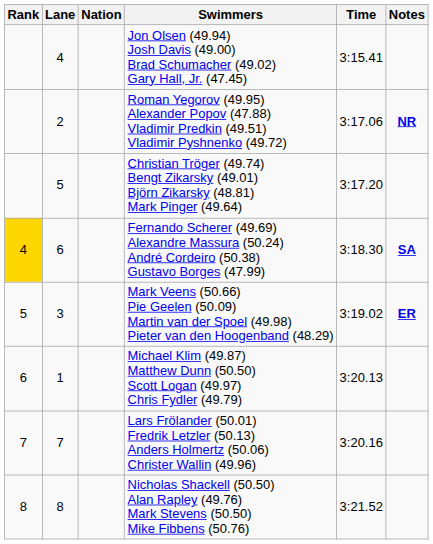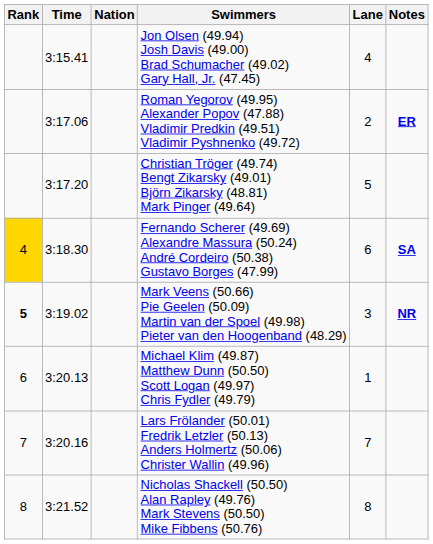 <table class="wikitable sortable" style="text-align:center">
 <tr>
 <th>Rank</th>
-<th>Lane</th>
+<th>Time</th>
 <th>Nation</th>
 <th>Swimmers</th>
-<th>Time</th>
+<th>Lane</th>
 <th>Notes</th>
 </tr>
 <tr>
 <td></td>
-<td>4</td>
+<td>3:15.41</td>
 <td align=left></td>
 <td align=left><a href='#'>Jon Olsen</a> (49.94)<br><a href='#'>Josh Davis</a> (49.00)<br><a href='#'>Brad Schumacher</a> (49.02)<br><a href='#'>Gary Hall, Jr.</a> (47.45)</td>
-<td>3:15.41</td>
+<td>4</td>
 <td></td>
 </tr>
 <tr>
 <td></td>
-<td>2</td>
+<td>3:17.06</td>
 <td align=left></td>
 <td align=left><a href='#'>Roman Yegorov</a> (49.95)<br><a href='#'>Alexander Popov</a> (47.88)<br><a href='#'>Vladimir Predkin</a> (49.51)<br><a href='#'>Vladimir Pyshnenko</a> (49.72)</td>
-<td>3:17.06</td>
-<td><strong><a href='#'>NR</a></strong></td>
+<td>2</td>
+<td><strong><a href='#'>ER</a></strong></td>
 </tr>
 <tr>
 <td></td>
-<td>5</td>
+<td>3:17.20</td>
 <td align=left></td>
 <td align=left><a href='#'>Christian Tröger</a> (49.74)<br><a href='#'>Bengt Zikarsky</a> (49.01)<br><a href='#'>Björn Zikarsky</a> (48.81)<br><a href='#'>Mark Pinger</a> (49.64)</td>
-<td>3:17.20</td>
+<td>5</td>
 <td></td>
 </tr>
 <tr>
 <td style="background: gold;">4</td>
-<td>6</td>
+<td>3:18.30</td>
 <td align=left></td>
 <td align=left><a href='#'>Fernando Scherer</a> (49.69)<br><a href='#'>Alexandre Massura</a> (50.24)<br><a href='#'>André Cordeiro</a> (50.38)<br><a href='#'>Gustavo Borges</a> (47.99)</td>
-<td>3:18.30</td>
+<td>6</td>
 <td><strong><a href='#'>SA</a></strong></td>
 </tr>
 <tr>
-<td>5</td>
-<td>3</td>
+<td><strong>5</strong></td>
+<td>3:19.02</td>
 <td align=left></td>
 <td align=left><a href='#'>Mark Veens</a> (50.66)<br><a href='#'>Pie Geelen</a> (50.09)<br><a href='#'>Martin van der Spoel</a> (49.98)<br><a href='#'>Pieter van den Hoogenband</a> (48.29)</td>
-<td>3:19.02</td>
-<td><strong><a href='#'>ER</a></strong></td>
+<td>3</td>
+<td><strong><a href='#'>NR</a></strong></td>
 </tr>
 <tr>
 <td>6</td>
-<td>1</td>
+<td>3:20.13</td>
 <td align=left></td>
 <td align=left><a href='#'>Michael Klim</a> (49.87)<br><a href='#'>Matthew Dunn</a> (50.50)<br><a href='#'>Scott Logan</a> (49.97)<br><a href='#'>Chris Fydler</a> (49.79)</td>
-<td>3:20.13</td>
+<td>1</td>
 <td></td>
 </tr>
 <tr>
 <td>7</td>
-<td>7</td>
+<td>3:20.16</td>
 <td align=left></td>
 <td align=left><a href='#'>Lars Frölander</a> (50.01)<br><a href='#'>Fredrik Letzler</a> (50.13)<br><a href='#'>Anders Holmertz</a> (50.06)<br><a href='#'>Christer Wallin</a> (49.96)</td>
-<td>3:20.16</td>
+<td>7</td>
 <td></td>
 </tr>
 <tr>
 <td>8</td>
-<td>8</td>
+<td>3:21.52</td>
 <td align=left></td>
 <td align=left><a href='#'>Nicholas Shackell</a> (50.50)<br><a href='#'>Alan Rapley</a> (49.76)<br><a href='#'>Mark Stevens</a> (50.50)<br><a href='#'>Mike Fibbens</a> (50.76)</td>
-<td>3:21.52</td>
+<td>8</td>
 <td></td>
 </tr>
 </table>
